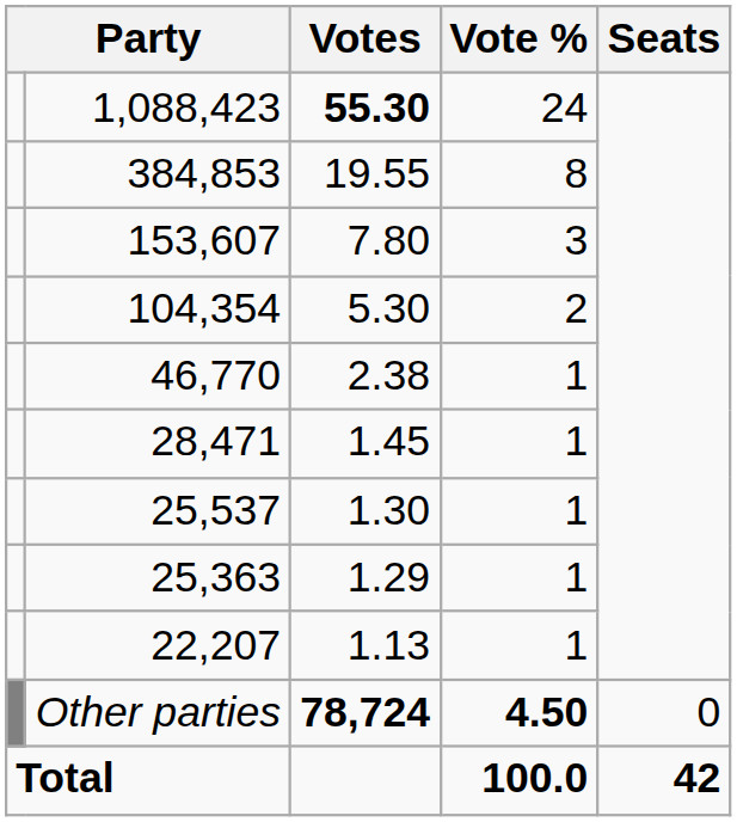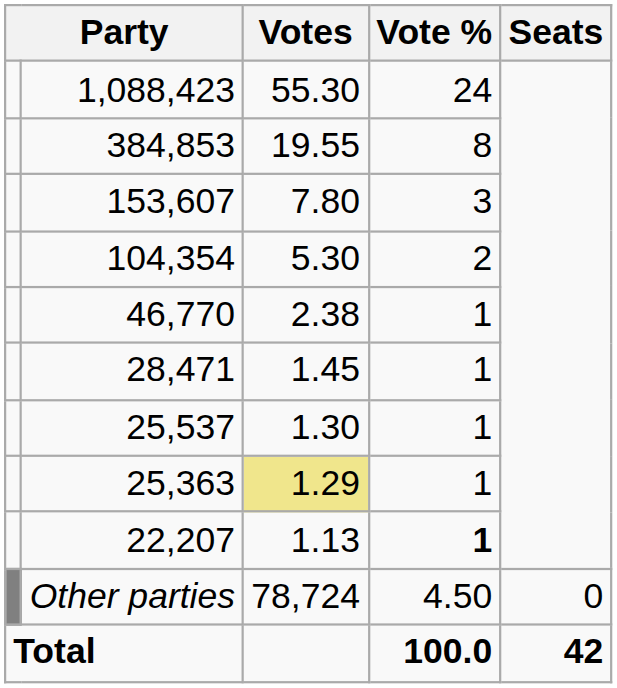 <table class="wikitable" style="text-align:right">
 <tr>
 <th colspan="2">Party</th>
 <th>Votes</th>
 <th>Vote %</th>
 <th>Seats</th>
 </tr>
 <tr>
 <td></td>
 <td>1,088,423</td>
-<td><strong>55.30</strong></td>
+<td>55.30</td>
 <td>24</td>
 </tr>
 <tr>
 <td></td>
 <td>384,853</td>
 <td>19.55</td>
 <td>8</td>
 </tr>
 <tr>
 <td></td>
 <td>153,607</td>
 <td>7.80</td>
 <td>3</td>
 </tr>
 <tr>
 <td></td>
 <td>104,354</td>
 <td>5.30</td>
 <td>2</td>
 </tr>
 <tr>
 <td></td>
 <td>46,770</td>
 <td>2.38</td>
 <td>1</td>
 </tr>
 <tr>
 <td></td>
 <td>28,471</td>
 <td>1.45</td>
 <td>1</td>
 </tr>
 <tr>
 <td></td>
 <td>25,537</td>
 <td>1.30</td>
 <td>1</td>
 </tr>
 <tr>
 <td></td>
 <td>25,363</td>
-<td>1.29</td>
+<td style="background: khaki;">1.29</td>
 <td>1</td>
 </tr>
 <tr>
 <td></td>
 <td>22,207</td>
 <td>1.13</td>
-<td>1</td>
+<td><strong>1</strong></td>
 </tr>
 <tr>
 <td style="background-color:grey"></td>
 <td style="text-align:left"><em>Other parties</em></td>
-<td><strong>78,724</strong></td>
-<td><strong>4.50</strong></td>
+<td>78,724</td>
+<td>4.50</td>
 <td>0</td>
 </tr>
 <tr>
 <td colspan="2" style="text-align:left"><strong>Total</strong></td>
 <td></td>
 <td><strong>100.0</strong></td>
 <td><strong>42</strong></td>
 </tr>
 </table>
